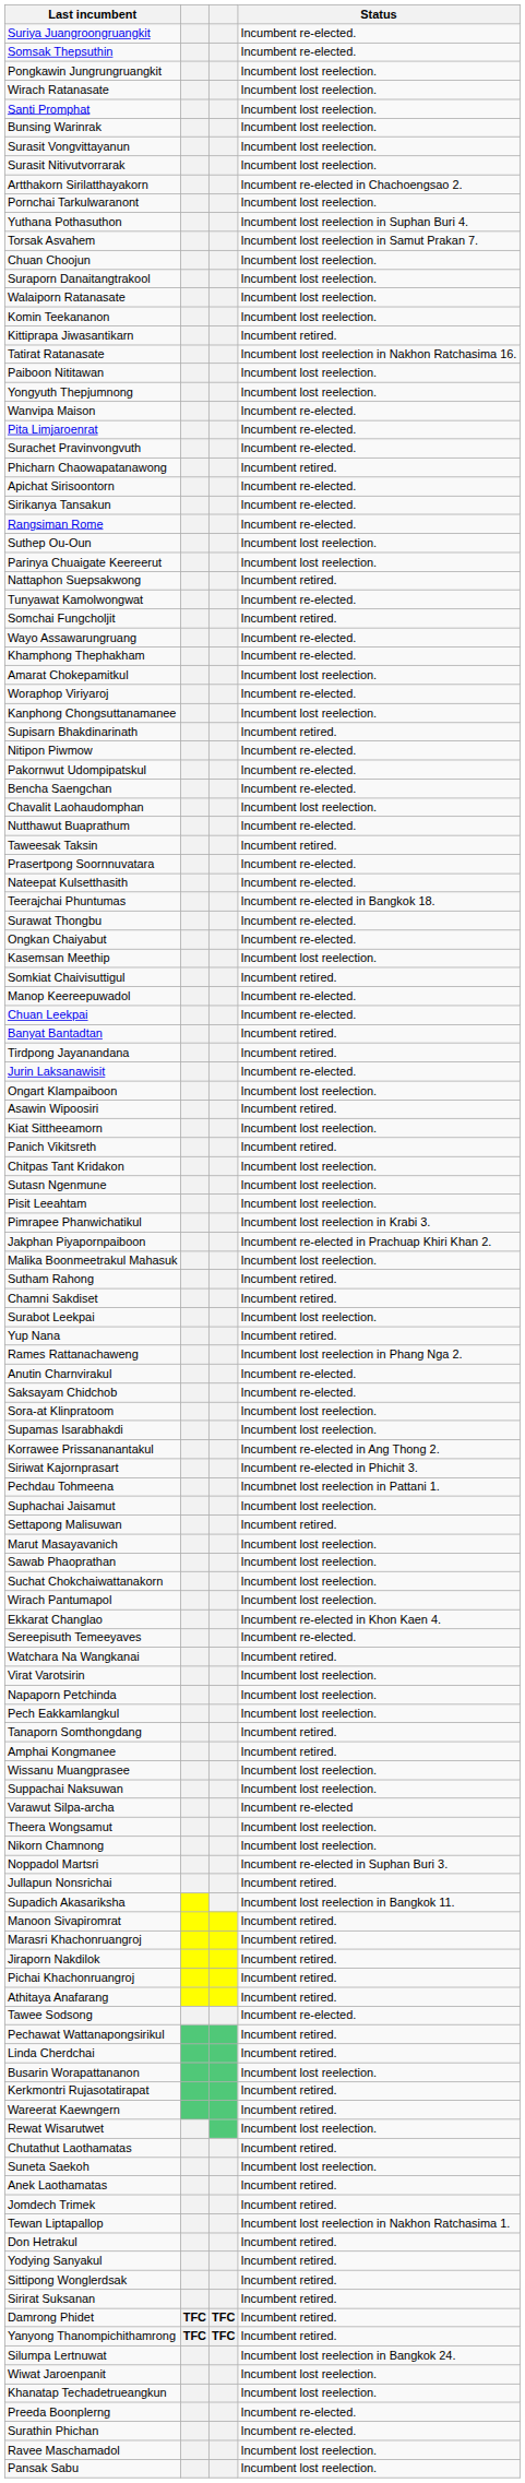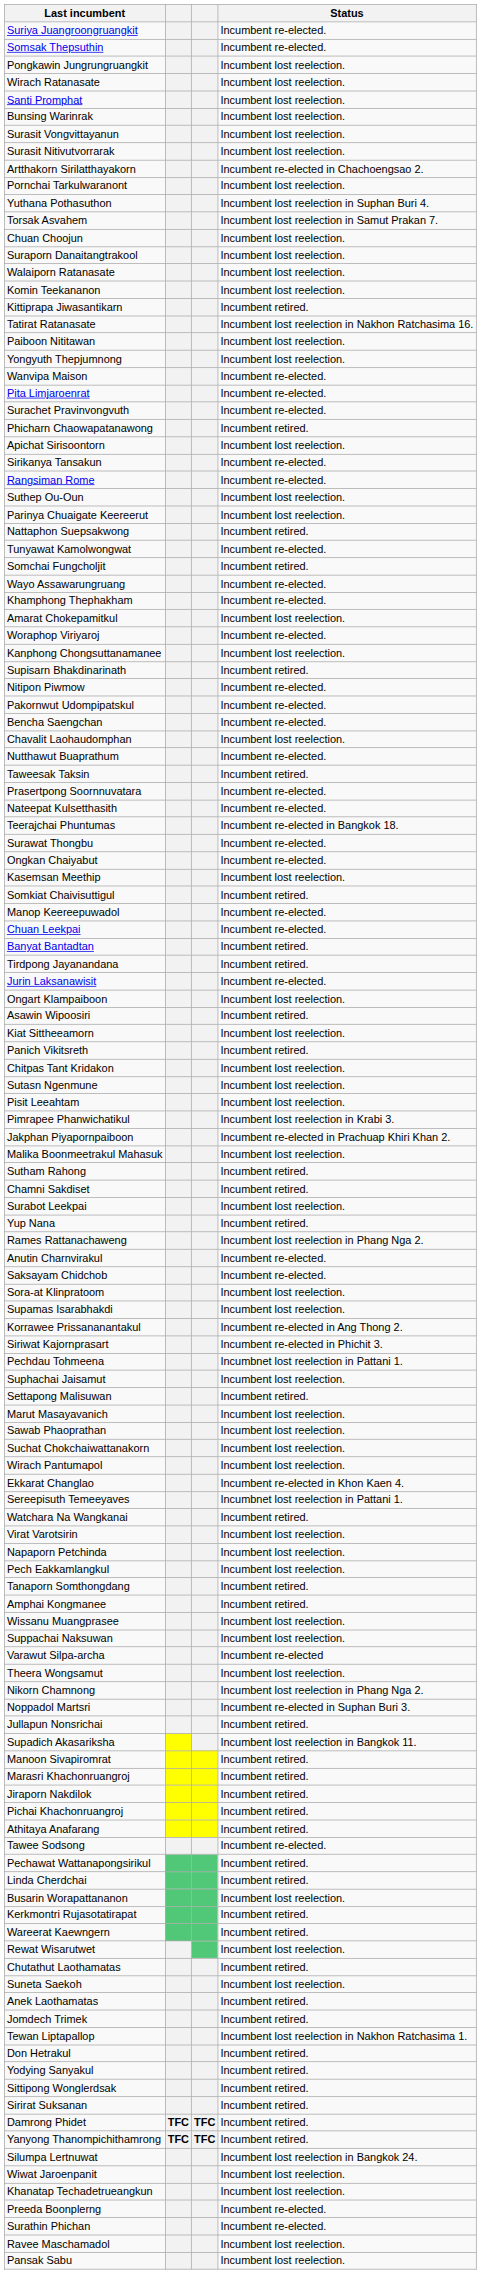 <table class="wikitable sortable" style="font-size:90%">
 <tr>
 <th>Last incumbent</th>
 <th></th>
 <th></th>
 <th>Status</th>
 </tr>
 <tr>
 <td><a href='#'>Suriya Juangroongruangkit</a></td>
 <th style="background-color:"></th>
 <th style="background-color:"></th>
 <td> Incumbent re-elected.</td>
 </tr>
 <tr>
 <td><a href='#'>Somsak Thepsuthin</a></td>
 <th style="background-color:"></th>
 <th style="background-color:"></th>
 <td> Incumbent re-elected.</td>
 </tr>
 <tr>
 <td>Pongkawin Jungrungruangkit</td>
 <th style="background-color:"></th>
 <th style="background-color:"></th>
 <td>Incumbent lost reelection.</td>
 </tr>
 <tr>
 <td>Wirach Ratanasate</td>
 <th style="background-color:"></th>
 <th style="background-color:"></th>
 <td>Incumbent lost reelection.</td>
 </tr>
 <tr>
 <td><a href='#'>Santi Promphat</a></td>
 <th style="background-color:"></th>
 <th style="background-color:"></th>
 <td>Incumbent lost reelection.</td>
 </tr>
 <tr>
 <td>Bunsing Warinrak</td>
 <th style="background-color:"></th>
 <th style="background-color:"></th>
 <td>Incumbent lost reelection.</td>
 </tr>
 <tr>
 <td>Surasit Vongvittayanun</td>
 <th style="background-color:"></th>
 <th style="background-color:"></th>
 <td>Incumbent lost reelection.</td>
 </tr>
 <tr>
 <td>Surasit Nitivutvorrarak</td>
 <th style="background-color:"></th>
 <th style="background-color:"></th>
 <td>Incumbent lost reelection.</td>
 </tr>
 <tr>
 <td>Artthakorn Sirilatthayakorn</td>
 <th style="background-color:"></th>
 <th style="background-color:"></th>
 <td> Incumbent re-elected in Chachoengsao 2.</td>
 </tr>
 <tr>
 <td>Pornchai Tarkulwaranont</td>
 <th style="background-color:"></th>
 <th style="background-color:"></th>
 <td>Incumbent lost reelection.</td>
 </tr>
 <tr>
 <td>Yuthana Pothasuthon</td>
 <th style="background-color:"></th>
 <th style="background-color:"></th>
 <td>Incumbent lost reelection in Suphan Buri 4.</td>
 </tr>
 <tr>
 <td>Torsak Asvahem</td>
 <th style="background-color:"></th>
 <th style="background-color:"></th>
 <td>Incumbent lost reelection in Samut Prakan 7.</td>
 </tr>
 <tr>
 <td>Chuan Choojun</td>
 <th style="background-color:"></th>
 <th style="background-color:"></th>
 <td>Incumbent lost reelection.</td>
 </tr>
 <tr>
 <td>Suraporn Danaitangtrakool</td>
 <th style="background-color:"></th>
 <th style="background-color:"></th>
 <td>Incumbent lost reelection.</td>
 </tr>
 <tr>
 <td>Walaiporn Ratanasate</td>
 <th style="background-color:"></th>
 <th style="background-color:"></th>
 <td>Incumbent lost reelection.</td>
 </tr>
 <tr>
 <td>Komin Teekananon</td>
 <th style="background-color:"></th>
 <th style="background-color:"></th>
 <td>Incumbent lost reelection.</td>
 </tr>
 <tr>
 <td>Kittiprapa Jiwasantikarn</td>
 <th style="background-color:"></th>
 <th style="background-color:"></th>
 <td>Incumbent retired.</td>
 </tr>
 <tr>
 <td>Tatirat Ratanasate</td>
 <th style="background-color:"></th>
 <th style="background-color:"></th>
 <td>Incumbent lost reelection in Nakhon Ratchasima 16.</td>
 </tr>
 <tr>
 <td>Paiboon Nititawan</td>
 <th></th>
 <th style="background-color:"></th>
 <td>Incumbent lost reelection.</td>
 </tr>
 <tr>
 <td>Yongyuth Thepjumnong</td>
 <th></th>
 <th style="background-color:"></th>
 <td>Incumbent lost reelection.</td>
 </tr>
 <tr>
 <td>Wanvipa Maison</td>
 <th style="background-color:"></th>
 <th style="background-color:"></th>
 <td> Incumbent re-elected.</td>
 </tr>
 <tr>
 <td><a href='#'>Pita Limjaroenrat</a></td>
 <th style="background-color:"></th>
 <th style="background-color:"></th>
 <td> Incumbent re-elected.</td>
 </tr>
 <tr>
 <td>Surachet Pravinvongvuth</td>
 <th style="background-color:"></th>
 <th style="background-color:"></th>
 <td> Incumbent re-elected.</td>
 </tr>
 <tr>
 <td>Phicharn Chaowapatanawong</td>
 <th style="background-color:"></th>
 <th style="background-color:"></th>
 <td>Incumbent retired.</td>
 </tr>
 <tr>
 <td>Apichat Sirisoontorn</td>
 <th style="background-color:"></th>
 <th style="background-color:"></th>
-<td> Incumbent re-elected.</td>
+<td>Incumbent lost reelection.</td>
 </tr>
 <tr>
 <td>Sirikanya Tansakun</td>
 <th style="background-color:"></th>
 <th style="background-color:"></th>
 <td> Incumbent re-elected.</td>
 </tr>
 <tr>
 <td><a href='#'>Rangsiman Rome</a></td>
 <th style="background-color:"></th>
 <th style="background-color:"></th>
 <td> Incumbent re-elected.</td>
 </tr>
 <tr>
 <td>Suthep Ou-Oun</td>
 <th style="background-color:"></th>
 <th style="background-color:"></th>
 <td>Incumbent lost reelection.</td>
 </tr>
 <tr>
 <td>Parinya Chuaigate Keereerut</td>
 <th style="background-color:"></th>
 <th style="background-color:"></th>
 <td>Incumbent lost reelection.</td>
 </tr>
 <tr>
 <td>Nattaphon Suepsakwong</td>
 <th style="background-color:"></th>
 <th style="background-color:"></th>
 <td>Incumbent retired.</td>
 </tr>
 <tr>
 <td>Tunyawat Kamolwongwat</td>
 <th style="background-color:"></th>
 <th style="background-color:"></th>
 <td> Incumbent re-elected.</td>
 </tr>
 <tr>
 <td>Somchai Fungcholjit</td>
 <th style="background-color:"></th>
 <th style="background-color:"></th>
 <td>Incumbent retired.</td>
 </tr>
 <tr>
 <td>Wayo Assawarungruang</td>
 <th style="background-color:"></th>
 <th style="background-color:"></th>
 <td> Incumbent re-elected.</td>
 </tr>
 <tr>
 <td>Khamphong Thephakham</td>
 <th style="background-color:"></th>
 <th style="background-color:"></th>
 <td> Incumbent re-elected.</td>
 </tr>
 <tr>
 <td>Amarat Chokepamitkul</td>
 <th style="background-color:"></th>
 <th style="background-color:"></th>
 <td>Incumbent lost reelection.</td>
 </tr>
 <tr>
 <td>Woraphop Viriyaroj</td>
 <th style="background-color:"></th>
 <th style="background-color:"></th>
 <td> Incumbent re-elected.</td>
 </tr>
 <tr>
 <td>Kanphong Chongsuttanamanee</td>
 <th style="background-color:"></th>
 <th style="background-color:"></th>
 <td>Incumbent lost reelection.</td>
 </tr>
 <tr>
 <td>Supisarn Bhakdinarinath</td>
 <th style="background-color:"></th>
 <th style="background-color:"></th>
 <td>Incumbent retired.</td>
 </tr>
 <tr>
 <td>Nitipon Piwmow</td>
 <th style="background-color:"></th>
 <th style="background-color:"></th>
 <td> Incumbent re-elected.</td>
 </tr>
 <tr>
 <td>Pakornwut Udompipatskul</td>
 <th style="background-color:"></th>
 <th style="background-color:"></th>
 <td> Incumbent re-elected.</td>
 </tr>
 <tr>
 <td>Bencha Saengchan</td>
 <th style="background-color:"></th>
 <th style="background-color:"></th>
 <td> Incumbent re-elected.</td>
 </tr>
 <tr>
 <td>Chavalit Laohaudomphan</td>
 <th style="background-color:"></th>
 <th style="background-color:"></th>
 <td>Incumbent lost reelection.</td>
 </tr>
 <tr>
 <td>Nutthawut Buaprathum</td>
 <th style="background-color:"></th>
 <th style="background-color:"></th>
 <td> Incumbent re-elected.</td>
 </tr>
 <tr>
 <td>Taweesak Taksin</td>
 <th style="background-color:"></th>
 <th style="background-color:"></th>
 <td>Incumbent retired.</td>
 </tr>
 <tr>
 <td>Prasertpong Soornnuvatara</td>
 <th style="background-color:"></th>
 <th style="background-color:"></th>
 <td> Incumbent re-elected.</td>
 </tr>
 <tr>
 <td>Nateepat Kulsetthasith</td>
 <th style="background-color:"></th>
 <th style="background-color:"></th>
 <td> Incumbent re-elected.</td>
 </tr>
 <tr>
 <td>Teerajchai Phuntumas</td>
 <th style="background-color:"></th>
 <th style="background-color:"></th>
 <td> Incumbent re-elected in Bangkok 18.</td>
 </tr>
 <tr>
 <td>Surawat Thongbu</td>
 <th style="background-color:"></th>
 <th style="background-color:"></th>
 <td> Incumbent re-elected.</td>
 </tr>
 <tr>
 <td>Ongkan Chaiyabut</td>
 <th style="background-color:"></th>
 <th style="background-color:"></th>
 <td> Incumbent re-elected.</td>
 </tr>
 <tr>
 <td>Kasemsan Meethip</td>
 <th style="background-color:"></th>
 <th style="background-color:"></th>
 <td>Incumbent lost reelection.</td>
 </tr>
 <tr>
 <td>Somkiat Chaivisuttigul</td>
 <th style="background-color:"></th>
 <th style="background-color:"></th>
 <td>Incumbent retired.</td>
 </tr>
 <tr>
 <td>Manop Keereepuwadol</td>
 <th style="background-color:"></th>
 <th style="background-color:"></th>
 <td> Incumbent re-elected.</td>
 </tr>
 <tr>
 <td><a href='#'>Chuan Leekpai</a></td>
 <th style="background-color:"></th>
 <th style="background-color:"></th>
 <td> Incumbent re-elected.</td>
 </tr>
 <tr>
 <td><a href='#'>Banyat Bantadtan</a></td>
 <th style="background-color:"></th>
 <th style="background-color:"></th>
 <td>Incumbent retired.</td>
 </tr>
 <tr>
 <td>Tirdpong Jayanandana</td>
 <th style="background-color:"></th>
 <th style="background-color:"></th>
 <td>Incumbent retired.</td>
 </tr>
 <tr>
 <td><a href='#'>Jurin Laksanawisit</a></td>
 <th style="background-color:"></th>
 <th style="background-color:"></th>
 <td> Incumbent re-elected.</td>
 </tr>
 <tr>
 <td>Ongart Klampaiboon</td>
 <th style="background-color:"></th>
 <th style="background-color:"></th>
 <td>Incumbent lost reelection.</td>
 </tr>
 <tr>
 <td>Asawin Wipoosiri</td>
 <th style="background-color:"></th>
 <th style="background-color:"></th>
 <td>Incumbent retired.</td>
 </tr>
 <tr>
 <td>Kiat Sittheeamorn</td>
 <th style="background-color:"></th>
 <th style="background-color:"></th>
 <td>Incumbent lost reelection.</td>
 </tr>
 <tr>
 <td>Panich Vikitsreth</td>
 <th style="background-color:"></th>
 <th style="background-color:"></th>
 <td>Incumbent retired.</td>
 </tr>
 <tr>
 <td>Chitpas Tant Kridakon</td>
 <th style="background-color:"></th>
 <th style="background-color:"></th>
 <td>Incumbent lost reelection.</td>
 </tr>
 <tr>
 <td>Sutasn Ngenmune</td>
 <th style="background-color:"></th>
 <th style="background-color:"></th>
 <td>Incumbent lost reelection.</td>
 </tr>
 <tr>
 <td>Pisit Leeahtam</td>
 <th style="background-color:"></th>
 <th style="background-color:"></th>
 <td>Incumbent lost reelection.</td>
 </tr>
 <tr>
 <td>Pimrapee Phanwichatikul</td>
 <th style="background-color:"></th>
 <th style="background-color:"></th>
 <td>Incumbent lost reelection in Krabi 3.</td>
 </tr>
 <tr>
 <td>Jakphan Piyapornpaiboon</td>
 <th style="background-color:"></th>
 <th style="background-color:"></th>
 <td> Incumbent re-elected in Prachuap Khiri Khan 2.</td>
 </tr>
 <tr>
 <td>Malika Boonmeetrakul Mahasuk</td>
 <th style="background-color:"></th>
 <th style="background-color:"></th>
 <td>Incumbent lost reelection.</td>
 </tr>
 <tr>
 <td>Sutham Rahong</td>
 <th style="background-color:"></th>
 <th style="background-color:"></th>
 <td>Incumbent retired.</td>
 </tr>
 <tr>
 <td>Chamni Sakdiset</td>
 <th style="background-color:"></th>
 <th style="background-color:"></th>
 <td>Incumbent retired.</td>
 </tr>
 <tr>
 <td>Surabot Leekpai</td>
 <th style="background-color:"></th>
 <th style="background-color:"></th>
 <td>Incumbent lost reelection.</td>
 </tr>
 <tr>
 <td>Yup Nana</td>
 <th style="background-color:"></th>
 <th style="background-color:"></th>
 <td>Incumbent retired.</td>
 </tr>
 <tr>
 <td>Rames Rattanachaweng</td>
 <th style="background-color:"></th>
 <th style="background-color:"></th>
 <td>Incumbent lost reelection in Phang Nga 2.</td>
 </tr>
 <tr>
 <td>Anutin Charnvirakul</td>
 <th style="background-color:"></th>
 <th style="background-color:"></th>
 <td> Incumbent re-elected.</td>
 </tr>
 <tr>
 <td>Saksayam Chidchob</td>
 <th style="background-color:"></th>
 <th style="background-color:"></th>
 <td> Incumbent re-elected.</td>
 </tr>
 <tr>
 <td>Sora-at Klinpratoom</td>
 <th style="background-color:"></th>
 <th style="background-color:"></th>
 <td>Incumbent lost reelection.</td>
 </tr>
 <tr>
 <td>Supamas Isarabhakdi</td>
 <th style="background-color:"></th>
 <th style="background-color:"></th>
 <td>Incumbent lost reelection.</td>
 </tr>
 <tr>
 <td>Korrawee Prissananantakul</td>
 <th style="background-color:"></th>
 <th style="background-color:"></th>
 <td> Incumbent re-elected in Ang Thong 2.</td>
 </tr>
 <tr>
 <td>Siriwat Kajornprasart</td>
 <th style="background-color:"></th>
 <th style="background-color:"></th>
 <td> Incumbent re-elected in Phichit 3.</td>
 </tr>
 <tr>
 <td>Pechdau Tohmeena</td>
 <th style="background-color:"></th>
 <th style="background-color:"></th>
 <td>Incumbnet lost reelection in Pattani 1.</td>
 </tr>
 <tr>
 <td>Suphachai Jaisamut</td>
 <th style="background-color:"></th>
 <th style="background-color:"></th>
 <td>Incumbent lost reelection.</td>
 </tr>
 <tr>
 <td>Settapong Malisuwan</td>
 <th style="background-color:"></th>
 <th style="background-color:"></th>
 <td>Incumbent retired.</td>
 </tr>
 <tr>
 <td>Marut Masayavanich</td>
 <th style="background-color:"></th>
 <th style="background-color:"></th>
 <td>Incumbent lost reelection.</td>
 </tr>
 <tr>
 <td>Sawab Phaoprathan</td>
 <th style="background-color:"></th>
 <th style="background-color:"></th>
 <td>Incumbent lost reelection.</td>
 </tr>
 <tr>
 <td>Suchat Chokchaiwattanakorn</td>
 <th style="background-color:"></th>
 <th style="background-color:"></th>
 <td>Incumbent lost reelection.</td>
 </tr>
 <tr>
 <td>Wirach Pantumapol</td>
 <th style="background-color:"></th>
 <th style="background-color:"></th>
 <td>Incumbent lost reelection.</td>
 </tr>
 <tr>
 <td>Ekkarat Changlao</td>
 <th style="background-color:"></th>
 <th style="background-color:"></th>
 <td> Incumbent re-elected in Khon Kaen 4.</td>
 </tr>
 <tr>
 <td>Sereepisuth Temeeyaves</td>
 <th style="background-color:"></th>
 <th style="background-color:"></th>
-<td> Incumbent re-elected.</td>
+<td>Incumbnet lost reelection in Pattani 1.</td>
 </tr>
 <tr>
 <td>Watchara Na Wangkanai</td>
 <th style="background-color:"></th>
 <th style="background-color:"></th>
 <td>Incumbent retired.</td>
 </tr>
 <tr>
 <td>Virat Varotsirin</td>
 <th style="background-color:"></th>
 <th style="background-color:"></th>
 <td>Incumbent lost reelection.</td>
 </tr>
 <tr>
 <td>Napaporn Petchinda</td>
 <th style="background-color:"></th>
 <th style="background-color:"></th>
 <td>Incumbent lost reelection.</td>
 </tr>
 <tr>
 <td>Pech Eakkamlangkul</td>
 <th style="background-color:"></th>
 <th style="background-color:"></th>
 <td>Incumbent lost reelection.</td>
 </tr>
 <tr>
 <td>Tanaporn Somthongdang</td>
 <th style="background-color:"></th>
 <th style="background-color:"></th>
 <td>Incumbent retired.</td>
 </tr>
 <tr>
 <td>Amphai Kongmanee</td>
 <th style="background-color:"></th>
 <th style="background-color:"></th>
 <td>Incumbent retired.</td>
 </tr>
 <tr>
 <td>Wissanu Muangprasee</td>
 <th style="background-color:"></th>
 <th style="background-color:"></th>
 <td>Incumbent lost reelection.</td>
 </tr>
 <tr>
 <td>Suppachai Naksuwan</td>
 <th style="background-color:"></th>
 <th style="background-color:"></th>
 <td>Incumbent lost reelection.</td>
 </tr>
 <tr>
 <td>Varawut Silpa-archa</td>
 <th style="background-color:"></th>
 <th style="background-color:"></th>
 <td> Incumbent re-elected</td>
 </tr>
 <tr>
 <td>Theera Wongsamut</td>
 <th style="background-color:"></th>
 <th style="background-color:"></th>
 <td>Incumbent lost reelection.</td>
 </tr>
 <tr>
 <td>Nikorn Chamnong</td>
 <th style="background-color:"></th>
 <th style="background-color:"></th>
-<td>Incumbent lost reelection.</td>
+<td>Incumbent lost reelection in Phang Nga 2.</td>
 </tr>
 <tr>
 <td>Noppadol Martsri</td>
 <th style="background-color:"></th>
 <th style="background-color:"></th>
 <td> Incumbent re-elected in Suphan Buri 3.</td>
 </tr>
 <tr>
 <td>Jullapun Nonsrichai</td>
 <th style="background-color:"></th>
 <th style="background-color:"></th>
 <td>Incumbent retired.</td>
 </tr>
 <tr>
 <td>Supadich Akasariksha</td>
 <th style="background-color:yellow"></th>
 <th style="background-color:"></th>
 <td>Incumbent lost reelection in Bangkok 11.</td>
 </tr>
 <tr>
 <td>Manoon Sivapiromrat</td>
 <th style="background-color:yellow"></th>
 <th style="background-color:yellow"></th>
 <td>Incumbent retired.</td>
 </tr>
 <tr>
 <td>Marasri Khachonruangroj</td>
 <th style="background-color:yellow"></th>
 <th style="background-color:yellow"></th>
 <td>Incumbent retired.</td>
 </tr>
 <tr>
 <td>Jiraporn Nakdilok</td>
 <th style="background-color:yellow"></th>
 <th style="background-color:yellow"></th>
 <td>Incumbent retired.</td>
 </tr>
 <tr>
 <td>Pichai Khachonruangroj</td>
 <th style="background-color:yellow"></th>
 <th style="background-color:yellow"></th>
 <td>Incumbent retired.</td>
 </tr>
 <tr>
 <td>Athitaya Anafarang</td>
 <th style="background-color:yellow"></th>
 <th style="background-color:yellow"></th>
 <td>Incumbent retired.</td>
 </tr>
 <tr>
 <td>Tawee Sodsong</td>
 <th style="background-color:"></th>
 <th style="background-color:"></th>
 <td> Incumbent re-elected.</td>
 </tr>
 <tr>
 <td>Pechawat Wattanapongsirikul</td>
 <th style="background-color:#50C878"></th>
 <th style="background-color:#50C878"></th>
 <td>Incumbent retired.</td>
 </tr>
 <tr>
 <td>Linda Cherdchai</td>
 <th style="background-color:#50C878"></th>
 <th style="background-color:#50C878"></th>
 <td>Incumbent retired.</td>
 </tr>
 <tr>
 <td>Busarin Worapattananon</td>
 <th style="background-color:#50C878"></th>
 <th style="background-color:#50C878"></th>
 <td>Incumbent lost reelection.</td>
 </tr>
 <tr>
 <td>Kerkmontri Rujasotatirapat</td>
 <th style="background-color:#50C878"></th>
 <th style="background-color:#50C878"></th>
 <td>Incumbent retired.</td>
 </tr>
 <tr>
 <td>Wareerat Kaewngern</td>
 <th style="background-color:#50C878"></th>
 <th style="background-color:#50C878"></th>
 <td>Incumbent retired.</td>
 </tr>
 <tr>
 <td>Rewat Wisarutwet</td>
 <th style="background-color:"></th>
 <th style="background-color:#50C878"></th>
 <td>Incumbent lost reelection.</td>
 </tr>
 <tr>
 <td>Chutathut Laothamatas</td>
 <th style="background-color:"></th>
 <th style="background-color:"></th>
 <td>Incumbent retired.</td>
 </tr>
 <tr>
 <td>Suneta Saekoh</td>
 <th style="background-color:"></th>
 <th style="background-color:"></th>
 <td>Incumbent lost reelection.</td>
 </tr>
 <tr>
 <td>Anek Laothamatas</td>
 <th style="background-color:"></th>
 <th style="background-color:"></th>
 <td>Incumbent retired.</td>
 </tr>
 <tr>
 <td>Jomdech Trimek</td>
 <th style="background-color:"></th>
 <th style="background-color:"></th>
 <td>Incumbent retired.</td>
 </tr>
 <tr>
 <td>Tewan Liptapallop</td>
 <th style="background-color:"></th>
 <th style="background-color:"></th>
 <td>Incumbent lost reelection in Nakhon Ratchasima 1.</td>
 </tr>
 <tr>
 <td>Don Hetrakul</td>
 <th style="background-color:"></th>
 <th style="background-color:"></th>
 <td>Incumbent retired.</td>
 </tr>
 <tr>
 <td>Yodying Sanyakul</td>
 <th style="background-color:"></th>
 <th style="background-color:"></th>
 <td>Incumbent retired.</td>
 </tr>
 <tr>
 <td>Sittipong Wonglerdsak</td>
 <th style="background-color:"></th>
 <th style="background-color:"></th>
 <td>Incumbent retired.</td>
 </tr>
 <tr>
 <td>Sirirat Suksanan</td>
 <th style="background-color:"></th>
 <th style="background-color:"></th>
 <td>Incumbent retired.</td>
 </tr>
 <tr>
 <td>Damrong Phidet</td>
 <th>TFC</th>
 <th>TFC</th>
 <td>Incumbent retired.</td>
 </tr>
 <tr>
 <td>Yanyong Thanompichithamrong</td>
 <th>TFC</th>
 <th>TFC</th>
 <td>Incumbent retired.</td>
 </tr>
 <tr>
 <td>Silumpa Lertnuwat</td>
 <th></th>
 <th style="background-color:"></th>
 <td>Incumbent lost reelection in Bangkok 24.</td>
 </tr>
 <tr>
 <td>Wiwat Jaroenpanit</td>
 <th></th>
 <th></th>
 <td>Incumbent lost reelection.</td>
 </tr>
 <tr>
 <td>Khanatap Techadetrueangkun</td>
 <th></th>
 <th></th>
 <td>Incumbent lost reelection.</td>
 </tr>
 <tr>
 <td>Preeda Boonplerng</td>
 <th></th>
 <th></th>
 <td> Incumbent re-elected.</td>
 </tr>
 <tr>
 <td>Surathin Phichan</td>
 <th></th>
 <th></th>
 <td> Incumbent re-elected.</td>
 </tr>
 <tr>
 <td>Ravee Maschamadol</td>
 <th></th>
 <th></th>
 <td>Incumbent lost reelection.</td>
 </tr>
 <tr>
 <td>Pansak Sabu</td>
 <th></th>
 <th></th>
 <td>Incumbent lost reelection.</td>
 </tr>
 </table>
